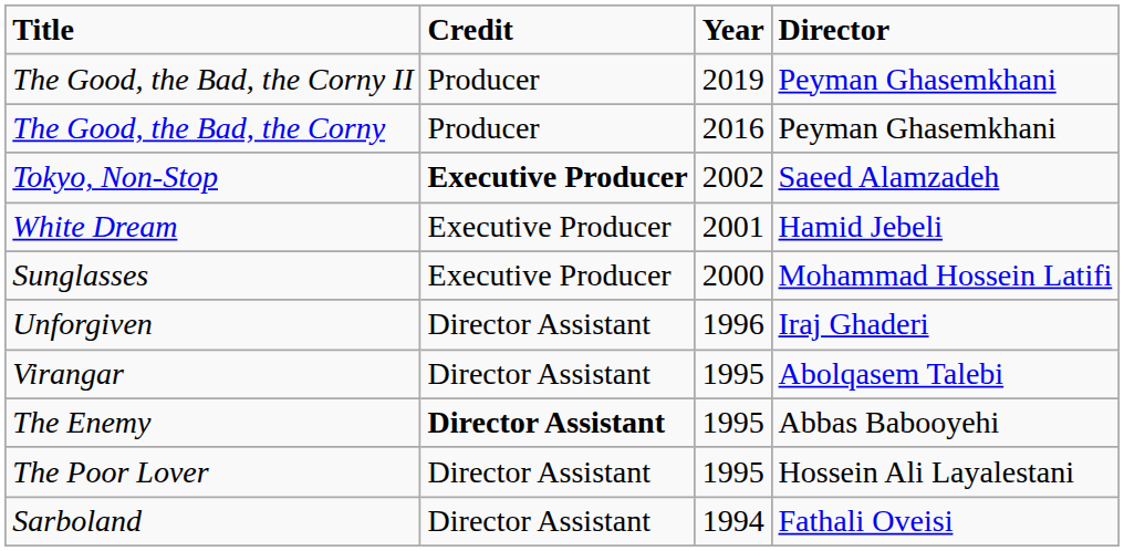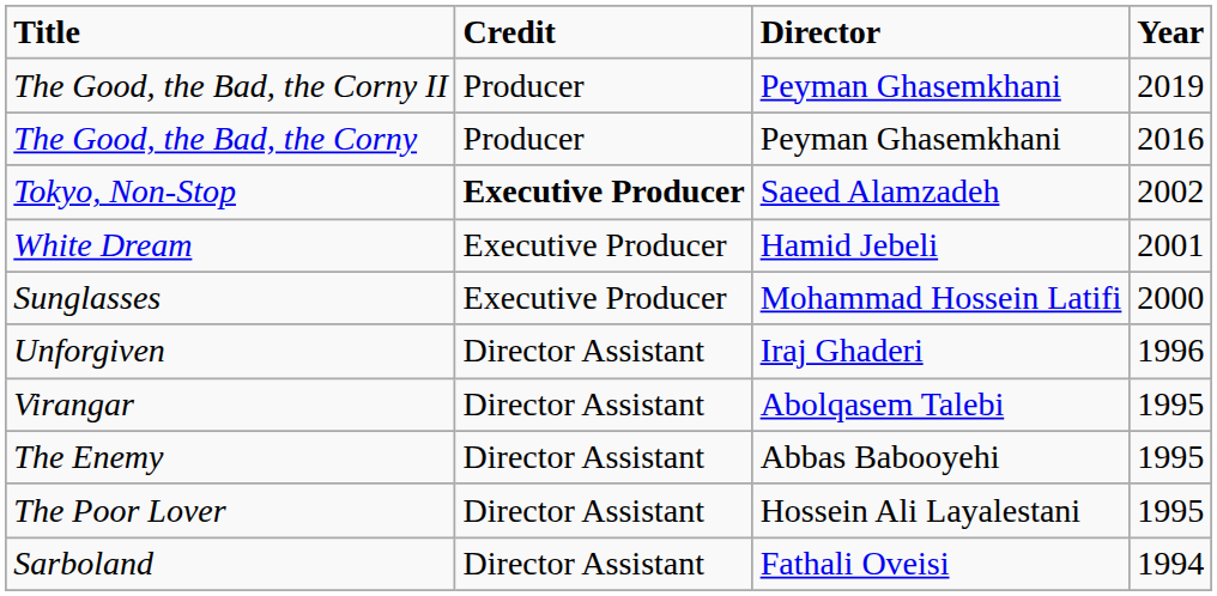 <table class="wikitable">
 <tr>
 <td><strong>Title</strong></td>
 <td><strong>Credit</strong></td>
+<td><strong>Director</strong></td>
 <td><strong>Year</strong></td>
-<td><strong>Director</strong></td>
 </tr>
 <tr>
 <td><em>The Good, the Bad, the Corny II</em></td>
 <td>Producer</td>
+<td><a href='#'>Peyman Ghasemkhani</a></td>
 <td>2019</td>
-<td><a href='#'>Peyman Ghasemkhani</a></td>
 </tr>
 <tr>
 <td><em><a href='#'>The Good, the Bad, the Corny</a></em></td>
 <td>Producer</td>
+<td>Peyman Ghasemkhani</td>
 <td>2016</td>
-<td>Peyman Ghasemkhani</td>
 </tr>
 <tr>
 <td><em><a href='#'>Tokyo, Non-Stop</a></em></td>
 <td><strong>Executive Producer</strong></td>
+<td><a href='#'>Saeed Alamzadeh</a></td>
 <td>2002</td>
-<td><a href='#'>Saeed Alamzadeh</a></td>
 </tr>
 <tr>
 <td><em><a href='#'>‌White Dream</a></em></td>
 <td>Executive Producer</td>
+<td><a href='#'>Hamid Jebeli</a></td>
 <td>2001</td>
-<td><a href='#'>Hamid Jebeli</a></td>
 </tr>
 <tr>
 <td><em>Sunglasses</em></td>
 <td>Executive Producer</td>
+<td><a href='#'>Mohammad Hossein Latifi</a></td>
 <td>2000</td>
-<td><a href='#'>Mohammad Hossein Latifi</a></td>
 </tr>
 <tr>
 <td><em>Unforgiven</em></td>
 <td>Director Assistant</td>
+<td><a href='#'>Iraj Ghaderi</a></td>
 <td>1996</td>
-<td><a href='#'>Iraj Ghaderi</a></td>
 </tr>
 <tr>
 <td><em>Virangar</em></td>
 <td>Director Assistant</td>
+<td><a href='#'>Abolqasem Talebi</a></td>
 <td>1995</td>
-<td><a href='#'>Abolqasem Talebi</a></td>
 </tr>
 <tr>
 <td><em>The Enemy</em></td>
-<td><strong>Director Assistant</strong></td>
+<td>Director Assistant</td>
+<td>Abbas Babooyehi</td>
 <td>1995</td>
-<td>Abbas Babooyehi</td>
 </tr>
 <tr>
 <td><em>The Poor Lover</em></td>
 <td>Director Assistant</td>
+<td>Hossein Ali Layalestani</td>
 <td>1995</td>
-<td>Hossein Ali Layalestani</td>
 </tr>
 <tr>
 <td><em>Sarboland</em></td>
 <td>Director Assistant</td>
+<td><a href='#'>Fathali Oveisi</a></td>
 <td>1994</td>
-<td><a href='#'>Fathali Oveisi</a></td>
 </tr>
 </table>
